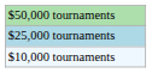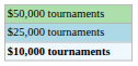 <table class="wikitable" style="font-size:85%;" width=12%>
 <tr bgcolor="#ADDFAD">
 <td>$50,000 tournaments</td>
 </tr>
 <tr bgcolor=lightblue>
 <td>$25,000 tournaments</td>
 </tr>
 <tr bgcolor="#f0f8ff">
-<td>$10,000 tournaments</td>
+<td><strong>$10,000 tournaments</strong></td>
 </tr>
 </table>
